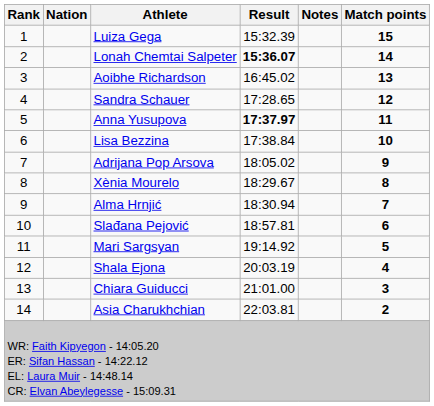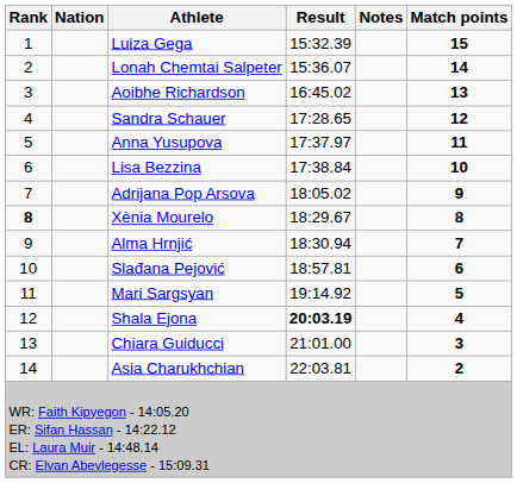 <table class="wikitable sortable" style="text-align:left;">
 <tr>
 <th>Rank</th>
 <th>Nation</th>
 <th>Athlete</th>
 <th>Result</th>
 <th>Notes</th>
 <th>Match points</th>
 </tr>
 <tr>
 <td align=center>1</td>
 <td></td>
 <td><a href='#'>Luiza Gega</a></td>
 <td align=center>15:32.39</td>
 <td align=center></td>
 <td align=center><strong>15</strong></td>
 </tr>
 <tr>
 <td align=center>2</td>
 <td></td>
 <td><a href='#'>Lonah Chemtai Salpeter</a></td>
-<td align=center><strong>15:36.07</strong></td>
+<td align=center>15:36.07</td>
 <td align=center></td>
 <td align=center><strong>14</strong></td>
 </tr>
 <tr>
 <td align=center>3</td>
 <td></td>
 <td><a href='#'>Aoibhe Richardson</a></td>
 <td align=center>16:45.02</td>
 <td></td>
 <td align=center><strong>13</strong></td>
 </tr>
 <tr>
 <td align=center>4</td>
 <td></td>
 <td><a href='#'>Sandra Schauer</a></td>
 <td align=center>17:28.65</td>
 <td align=center></td>
 <td align=center><strong>12</strong></td>
 </tr>
 <tr>
 <td align=center>5</td>
 <td></td>
 <td><a href='#'>Anna Yusupova</a></td>
-<td align=center><strong>17:37.97</strong></td>
+<td align=center>17:37.97</td>
 <td align=center></td>
 <td align=center><strong>11</strong></td>
 </tr>
 <tr>
 <td align=center>6</td>
 <td></td>
 <td><a href='#'>Lisa Bezzina</a></td>
 <td align=center>17:38.84</td>
 <td></td>
 <td align=center><strong>10</strong></td>
 </tr>
 <tr>
 <td align=center>7</td>
 <td></td>
 <td><a href='#'>Adrijana Pop Arsova</a></td>
 <td align=center>18:05.02</td>
 <td align=center></td>
 <td align=center><strong>9</strong></td>
 </tr>
 <tr>
-<td align=center>8</td>
+<td align=center><strong>8</strong></td>
 <td></td>
 <td><a href='#'>Xènia Mourelo</a></td>
 <td align=center>18:29.67</td>
 <td align=center></td>
 <td align=center><strong>8</strong></td>
 </tr>
 <tr>
 <td align=center>9</td>
 <td></td>
 <td><a href='#'>Alma Hrnjić</a></td>
 <td align=center>18:30.94</td>
 <td align=center></td>
 <td align=center><strong>7</strong></td>
 </tr>
 <tr>
 <td align=center>10</td>
 <td></td>
 <td><a href='#'>Slađana Pejović</a></td>
 <td align=center>18:57.81</td>
 <td align=center></td>
 <td align=center><strong>6</strong></td>
 </tr>
 <tr>
 <td align=center>11</td>
 <td></td>
 <td><a href='#'>Mari Sargsyan</a></td>
 <td align=center>19:14.92</td>
 <td align=center></td>
 <td align=center><strong>5</strong></td>
 </tr>
 <tr>
 <td align=center>12</td>
 <td></td>
 <td><a href='#'>Shala Ejona</a></td>
-<td align=center>20:03.19</td>
+<td align=center><strong>20:03.19</strong></td>
 <td align=center></td>
 <td align=center><strong>4</strong></td>
 </tr>
 <tr>
 <td align=center>13</td>
 <td></td>
 <td><a href='#'>Chiara Guiducci</a></td>
 <td align=center>21:01.00</td>
 <td align=center></td>
 <td align=center><strong>3</strong></td>
 </tr>
 <tr>
 <td align=center>14</td>
 <td></td>
 <td><a href='#'>Asia Charukhchian</a></td>
 <td align=center>22:03.81</td>
 <td align=center></td>
 <td align=center><strong>2</strong></td>
 </tr>
 <tr>
 <td colspan="6" bgcolor="#cccccc"><br> <small>WR:   <a href='#'>Faith Kipyegon</a> - 14:05.20<br>ER:  <a href='#'>Sifan Hassan</a> - 14:22.12<br></small> <small>EL:   <a href='#'>Laura Muir</a> - 14:48.14<br>CR:  <a href='#'>Elvan Abeylegesse</a> - 15:09.31</small></td>
 </tr>
 </table>
